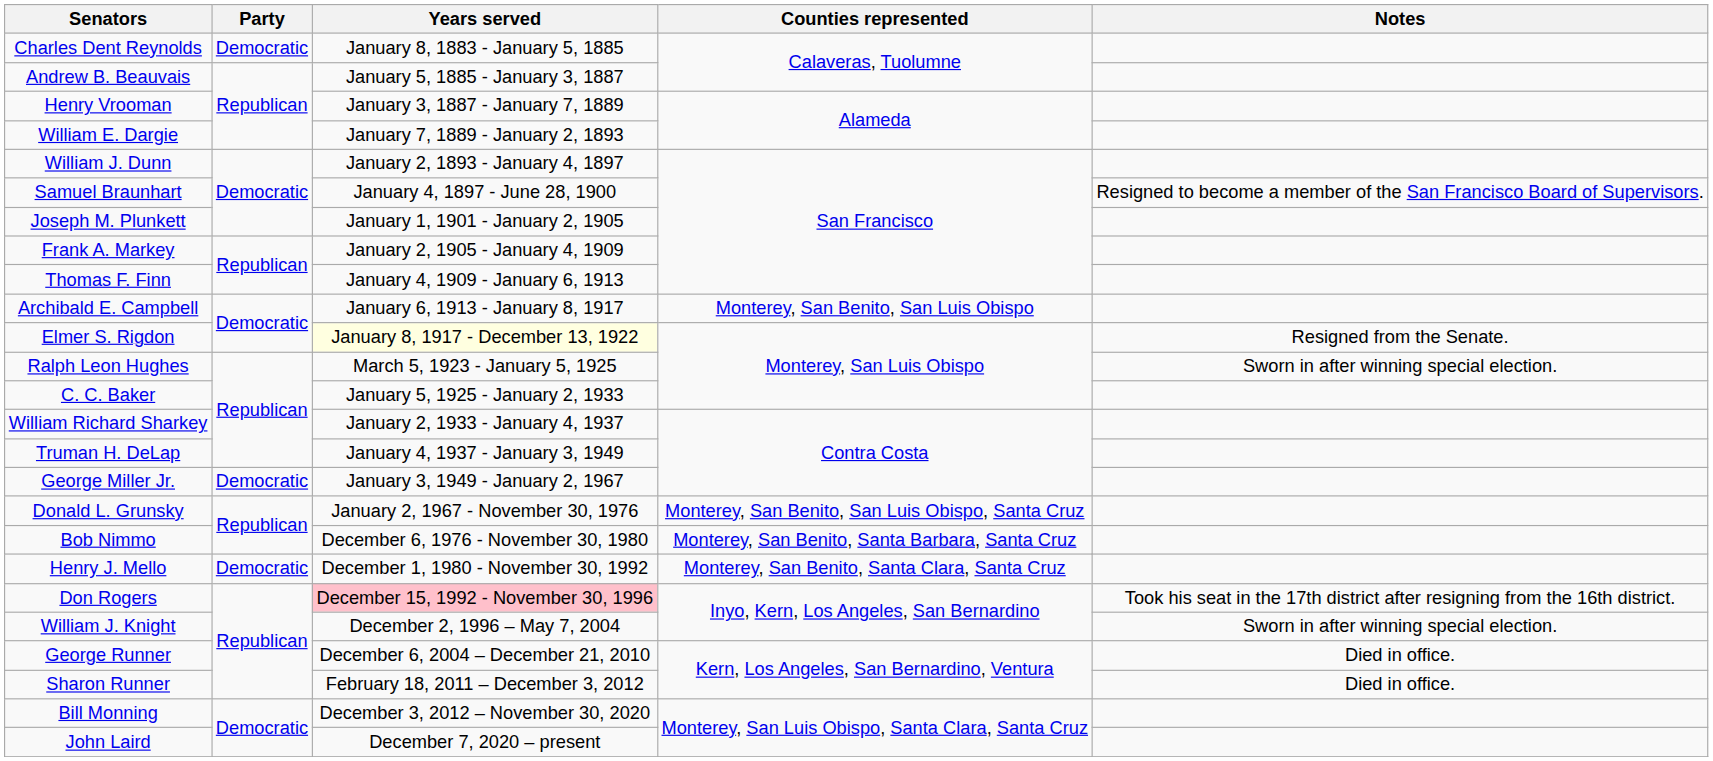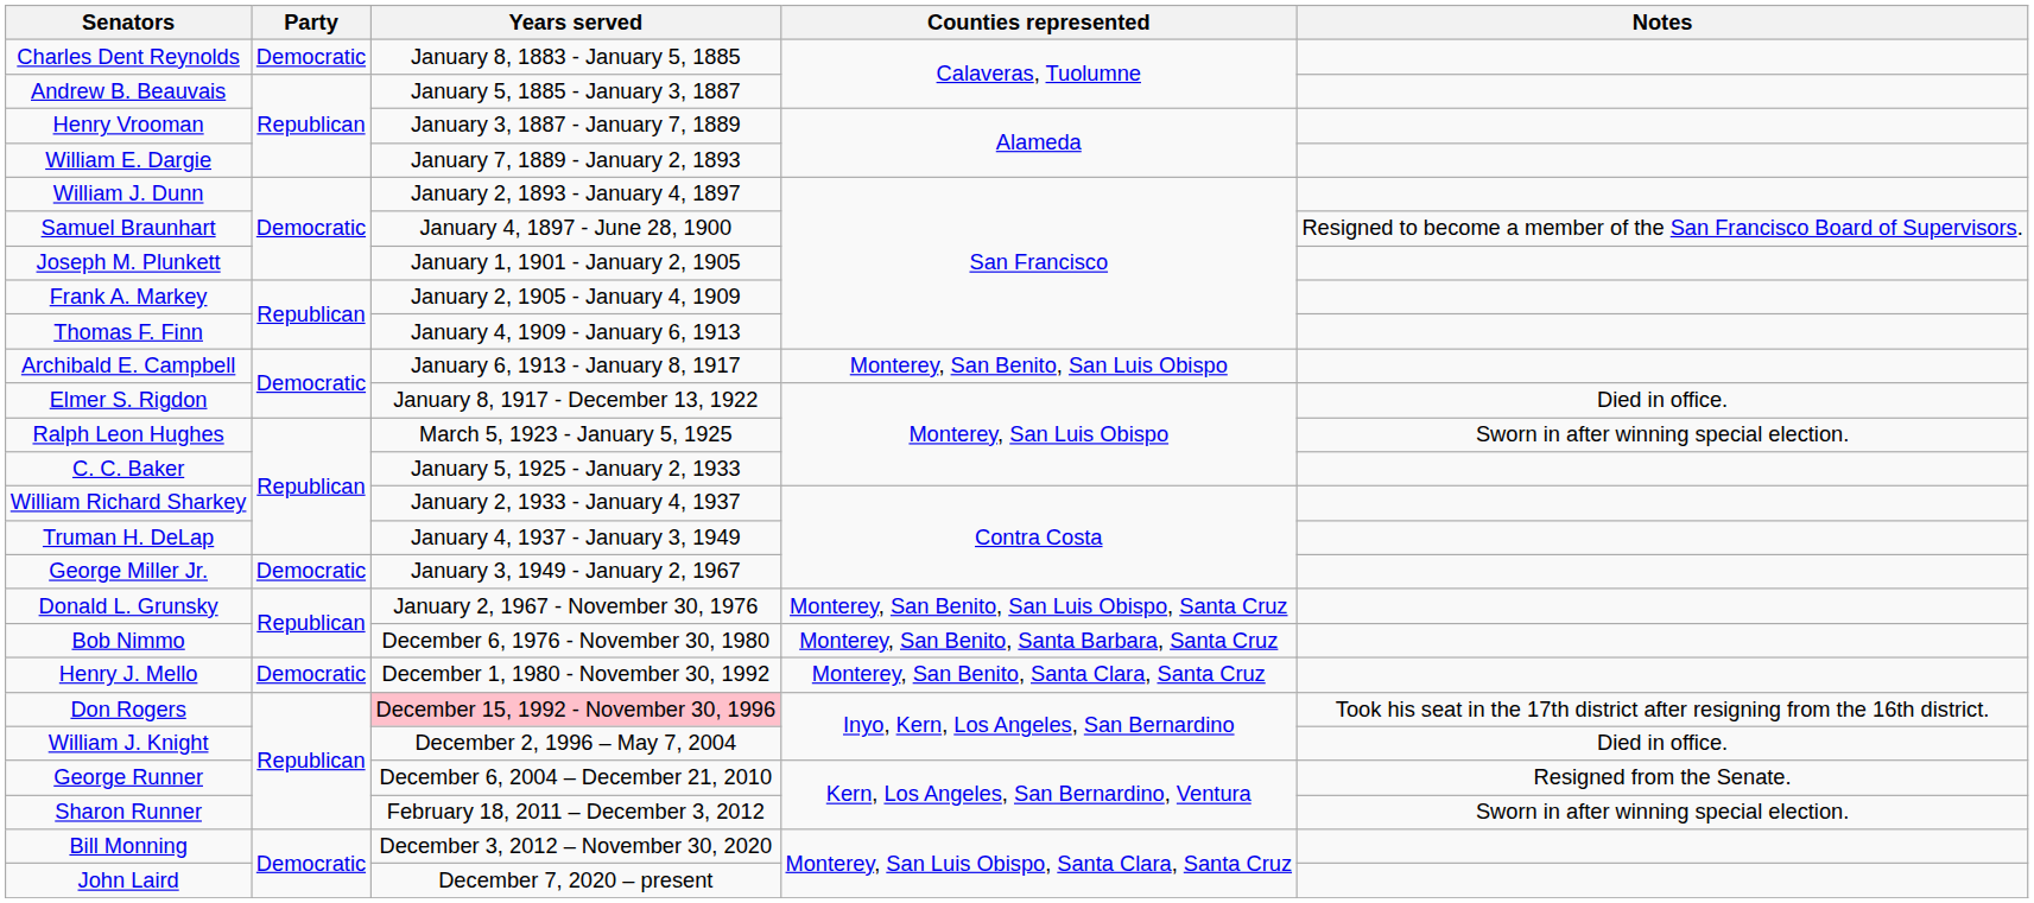 <table class=wikitable style="text-align:center">
 <tr>
 <th>Senators</th>
 <th>Party</th>
 <th>Years served</th>
 <th>Counties represented</th>
 <th>Notes</th>
 </tr>
 <tr>
 <td><a href='#'>Charles Dent Reynolds</a></td>
 <td><a href='#'>Democratic</a></td>
 <td>January 8, 1883 - January 5, 1885</td>
 <td rowspan=2><a href='#'>Calaveras</a>, <a href='#'>Tuolumne</a></td>
 <td></td>
 </tr>
 <tr>
 <td><a href='#'>Andrew B. Beauvais</a></td>
 <td rowspan=3 ><a href='#'>Republican</a></td>
 <td>January 5, 1885 - January 3, 1887</td>
 <td></td>
 </tr>
 <tr>
 <td><a href='#'>Henry Vrooman</a></td>
 <td>January 3, 1887 - January 7, 1889</td>
 <td rowspan=2><a href='#'>Alameda</a></td>
 <td></td>
 </tr>
 <tr>
 <td><a href='#'>William E. Dargie</a></td>
 <td>January 7, 1889 - January 2, 1893</td>
 <td></td>
 </tr>
 <tr>
 <td><a href='#'>William J. Dunn</a></td>
 <td rowspan=3 ><a href='#'>Democratic</a></td>
 <td>January 2, 1893 - January 4, 1897</td>
 <td rowspan=5><a href='#'>San Francisco</a></td>
 <td></td>
 </tr>
 <tr>
 <td><a href='#'>Samuel Braunhart</a></td>
 <td>January 4, 1897 - June 28, 1900</td>
 <td>Resigned to become a member of the <a href='#'>San Francisco Board of Supervisors</a>.</td>
 </tr>
 <tr>
 <td><a href='#'>Joseph M. Plunkett</a></td>
 <td>January 1, 1901 - January 2, 1905</td>
 <td></td>
 </tr>
 <tr>
 <td><a href='#'>Frank A. Markey</a></td>
 <td rowspan=2 ><a href='#'>Republican</a></td>
 <td>January 2, 1905 - January 4, 1909</td>
 <td></td>
 </tr>
 <tr>
 <td><a href='#'>Thomas F. Finn</a></td>
 <td>January 4, 1909 - January 6, 1913</td>
 <td></td>
 </tr>
 <tr>
 <td><a href='#'>Archibald E. Campbell</a></td>
 <td rowspan=2 ><a href='#'>Democratic</a></td>
 <td>January 6, 1913 - January 8, 1917</td>
 <td><a href='#'>Monterey</a>, <a href='#'>San Benito</a>, <a href='#'>San Luis Obispo</a></td>
 <td></td>
 </tr>
 <tr>
 <td><a href='#'>Elmer S. Rigdon</a></td>
-<td style="background: lightyellow;">January 8, 1917 - December 13, 1922</td>
+<td>January 8, 1917 - December 13, 1922</td>
 <td rowspan=3><a href='#'>Monterey</a>, <a href='#'>San Luis Obispo</a></td>
-<td>Resigned from the Senate.</td>
+<td>Died in office.</td>
 </tr>
 <tr>
 <td><a href='#'>Ralph Leon Hughes</a></td>
 <td rowspan=4 ><a href='#'>Republican</a></td>
 <td>March 5, 1923 - January 5, 1925</td>
 <td>Sworn in after winning special election.</td>
 </tr>
 <tr>
 <td><a href='#'>C. C. Baker</a></td>
 <td>January 5, 1925 - January 2, 1933</td>
 <td></td>
 </tr>
 <tr>
 <td><a href='#'>William Richard Sharkey</a></td>
 <td>January 2, 1933 - January 4, 1937</td>
 <td rowspan=3><a href='#'>Contra Costa</a></td>
 <td></td>
 </tr>
 <tr>
 <td><a href='#'>Truman H. DeLap</a></td>
 <td>January 4, 1937 - January 3, 1949</td>
 <td></td>
 </tr>
 <tr>
 <td><a href='#'>George Miller Jr.</a></td>
 <td><a href='#'>Democratic</a></td>
 <td>January 3, 1949 - January 2, 1967</td>
 <td></td>
 </tr>
 <tr>
 <td><a href='#'>Donald L. Grunsky</a></td>
 <td rowspan=2 ><a href='#'>Republican</a></td>
 <td>January 2, 1967 - November 30, 1976</td>
 <td><a href='#'>Monterey</a>, <a href='#'>San Benito</a>, <a href='#'>San Luis Obispo</a>, <a href='#'>Santa Cruz</a></td>
 <td></td>
 </tr>
 <tr>
 <td><a href='#'>Bob Nimmo</a></td>
 <td>December 6, 1976 - November 30, 1980</td>
 <td rowspan=2><a href='#'>Monterey</a>, <a href='#'>San Benito</a>, <a href='#'>Santa Barbara</a>, <a href='#'>Santa Cruz</a></td>
 <td></td>
 </tr>
 <tr>
 <td rowspan=2><a href='#'>Henry J. Mello</a></td>
 <td rowspan=2 ><a href='#'>Democratic</a></td>
 <td rowspan=2>December 1, 1980 - November 30, 1992</td>
 <td rowspan=2></td>
 </tr>
 <tr>
 <td><a href='#'>Monterey</a>, <a href='#'>San Benito</a>, <a href='#'>Santa Clara</a>, <a href='#'>Santa Cruz</a></td>
 </tr>
 <tr>
 <td><a href='#'>Don Rogers</a></td>
 <td rowspan=4 ><a href='#'>Republican</a></td>
 <td style="background: pink;">December 15, 1992 - November 30, 1996</td>
 <td rowspan=2><a href='#'>Inyo</a>, <a href='#'>Kern</a>, <a href='#'>Los Angeles</a>, <a href='#'>San Bernardino</a></td>
 <td>Took his seat in the 17th district after resigning from the 16th district.</td>
 </tr>
 <tr>
 <td><a href='#'>William J. Knight</a></td>
 <td>December 2, 1996 – May 7, 2004</td>
-<td>Sworn in after winning special election.</td>
+<td>Died in office.</td>
 </tr>
 <tr>
 <td><a href='#'>George Runner</a></td>
 <td>December 6, 2004 – December 21, 2010</td>
 <td rowspan=2><a href='#'>Kern</a>, <a href='#'>Los Angeles</a>, <a href='#'>San Bernardino</a>, <a href='#'>Ventura</a></td>
-<td>Died in office.</td>
+<td>Resigned from the Senate.</td>
 </tr>
 <tr>
 <td><a href='#'>Sharon Runner</a></td>
 <td>February 18, 2011 – December 3, 2012</td>
-<td>Died in office.</td>
+<td>Sworn in after winning special election.</td>
 </tr>
 <tr>
 <td><a href='#'>Bill Monning</a></td>
 <td rowspan=2 ><a href='#'>Democratic</a></td>
 <td>December 3, 2012 – November 30, 2020</td>
 <td rowspan=2><a href='#'>Monterey</a>, <a href='#'>San Luis Obispo</a>, <a href='#'>Santa Clara</a>, <a href='#'>Santa Cruz</a></td>
 <td></td>
 </tr>
 <tr>
 <td><a href='#'>John Laird</a></td>
 <td>December 7, 2020 – present</td>
 <td></td>
 </tr>
 <tr>
 </tr>
 </table>
